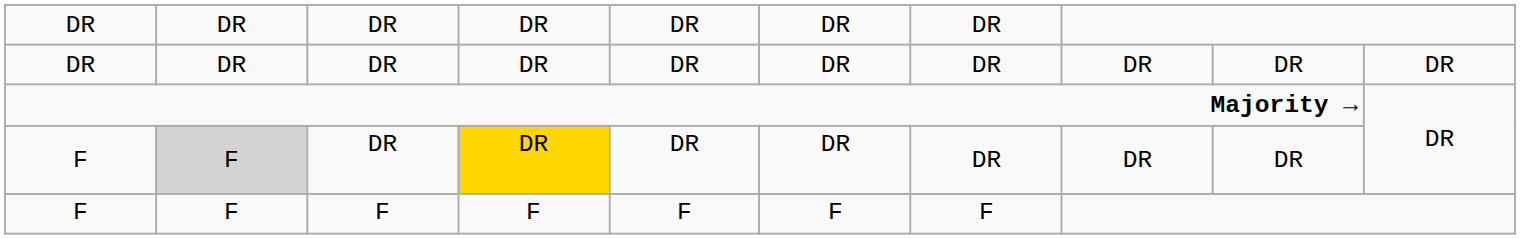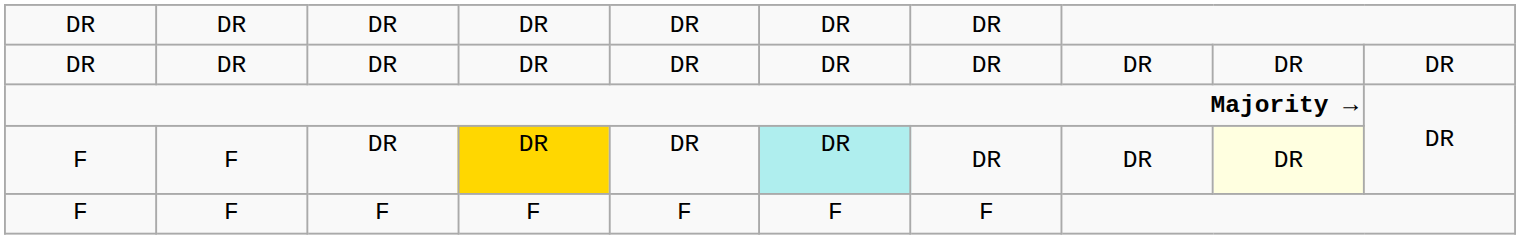 <table class="wikitable" style="text-align:center; width:800px">
 <tr>
 <td>DR</td>
 <td>DR</td>
 <td>DR</td>
 <td>DR</td>
 <td>DR</td>
 <td>DR</td>
 <td>DR</td>
 </tr>
 <tr>
 <td width=50px >DR</td>
 <td width=50px >DR</td>
 <td width=50px >DR</td>
 <td width=50px >DR</td>
 <td width=50px >DR</td>
 <td width=50px >DR</td>
 <td width=50px >DR</td>
 <td width=50px >DR</td>
 <td width=50px >DR</td>
 <td width=50px >DR</td>
 </tr>
 <tr>
 <td colspan=9 style="text-align:right"><strong>Majority →</strong></td>
 <td rowspan=2 >DR</td>
 </tr>
 <tr>
 <td>F</td>
-<td style="background: lightgrey;">F</td>
+<td>F</td>
 <td>DR<br><br></td>
 <td style="background: gold;">DR<br><br></td>
 <td>DR<br><br></td>
-<td>DR<br><br></td>
+<td style="background: paleturquoise;">DR<br><br></td>
 <td>DR</td>
 <td>DR</td>
-<td>DR</td>
+<td style="background: lightyellow;">DR</td>
 </tr>
 <tr>
 <td>F</td>
 <td>F</td>
 <td>F</td>
 <td>F</td>
 <td>F</td>
 <td>F</td>
 <td>F</td>
 </tr>
 </table>
